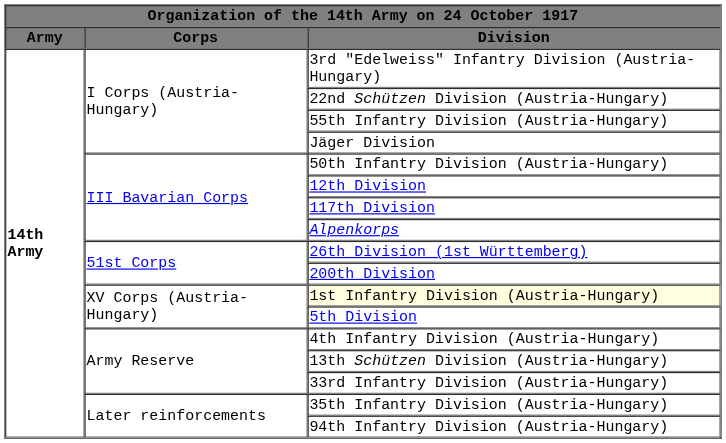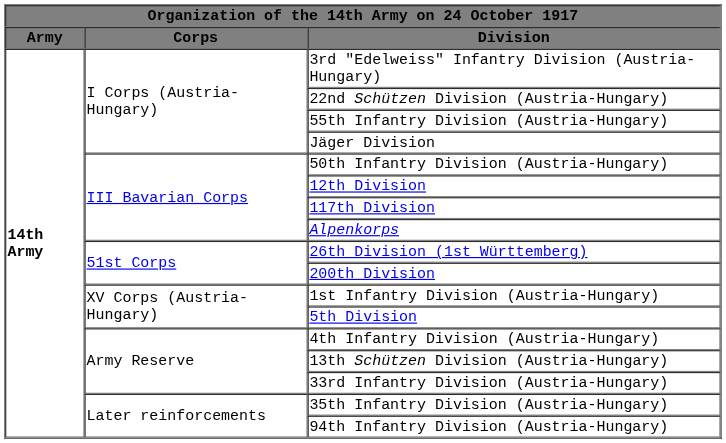 <table style="float: right;" border="1" cellpadding="1" cellspacing="0" style="font-size: 100%; border: gray solid 1px; border-collapse: collapse; text-align: center;">
 <tr style="background-color:grey; color:black;">
 <th colspan="3">Organization of the 14th Army on 24 October 1917</th>
 </tr>
 <tr>
 </tr>
 <tr style="background-color:grey; color:black;">
 <th>Army</th>
 <th>Corps</th>
 <th>Division</th>
 </tr>
 <tr>
 <td ROWSPAN=17><strong>14th Army</strong></td>
 <td ROWSPAN=4>I Corps (Austria-Hungary)</td>
 <td>3rd "Edelweiss" Infantry Division (Austria-Hungary)</td>
 </tr>
 <tr>
 <td>22nd <em>Schützen</em> Division (Austria-Hungary)</td>
 </tr>
 <tr>
 <td>55th Infantry Division (Austria-Hungary)</td>
 </tr>
 <tr>
 <td>Jäger Division</td>
 </tr>
 <tr>
 <td ROWSPAN=4><a href='#'>III Bavarian Corps</a></td>
 <td>50th Infantry Division (Austria-Hungary)</td>
 </tr>
 <tr>
 <td><a href='#'>12th Division</a></td>
 </tr>
 <tr>
 <td><a href='#'>117th Division</a></td>
 </tr>
 <tr>
 <td><a href='#'><em>Alpenkorps</em></a></td>
 </tr>
 <tr>
 <td ROWSPAN=2><a href='#'>51st Corps</a></td>
 <td><a href='#'>26th Division (1st Württemberg)</a></td>
 </tr>
 <tr>
 <td><a href='#'>200th Division</a></td>
 </tr>
 <tr>
 <td ROWSPAN=2>XV Corps (Austria-Hungary)</td>
-<td style="background: lightyellow;">1st Infantry Division (Austria-Hungary)</td>
+<td>1st Infantry Division (Austria-Hungary)</td>
 </tr>
 <tr>
 <td><a href='#'>5th Division</a></td>
 </tr>
 <tr>
 <td ROWSPAN=3>Army Reserve</td>
 <td>4th Infantry Division (Austria-Hungary)</td>
 </tr>
 <tr>
 <td>13th <em>Schützen</em> Division (Austria-Hungary)</td>
 </tr>
 <tr>
 <td>33rd Infantry Division (Austria-Hungary)</td>
 </tr>
 <tr>
 <td ROWSPAN=2>Later reinforcements</td>
 <td>35th Infantry Division (Austria-Hungary)</td>
 </tr>
 <tr>
 <td>94th Infantry Division (Austria-Hungary)</td>
 </tr>
 <tr>
 </tr>
 </table>
